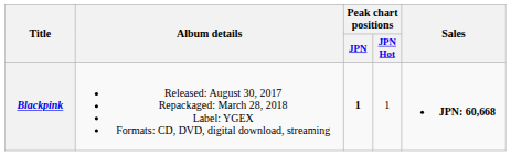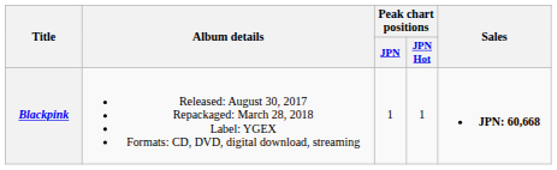 <table class="wikitable plainrowheaders" style="text-align:center;">
 <tr>
 <th rowspan="2" style="width:6em;">Title</th>
 <th rowspan="2" style="width:24em;">Album details</th>
 <th colspan="2">Peak chart positions</th>
 <th rowspan="2" style="width:9em;">Sales</th>
 </tr>
 <tr>
 <th scope="col" style="width:2.5em;font-size:90%;"><a href='#'>JPN</a><br></th>
 <th scope="col" style="width:2.5em;font-size:90%;"><a href='#'>JPN<br>Hot</a><br></th>
 </tr>
 <tr>
 <th scope="row"><em><a href='#'>Blackpink</a></em></th>
 <td><br><ul><li>Released: August 30, 2017</li><li>Repackaged: March 28, 2018</li><li>Label: YGEX</li><li>Formats: CD, DVD, digital download, streaming</li></ul></td>
-<td><strong>1</strong></td>
+<td>1</td>
 <td>1</td>
 <td><strong><br><ul><li>JPN: 60,668</li></ul></strong></td>
 </tr>
 </table>
